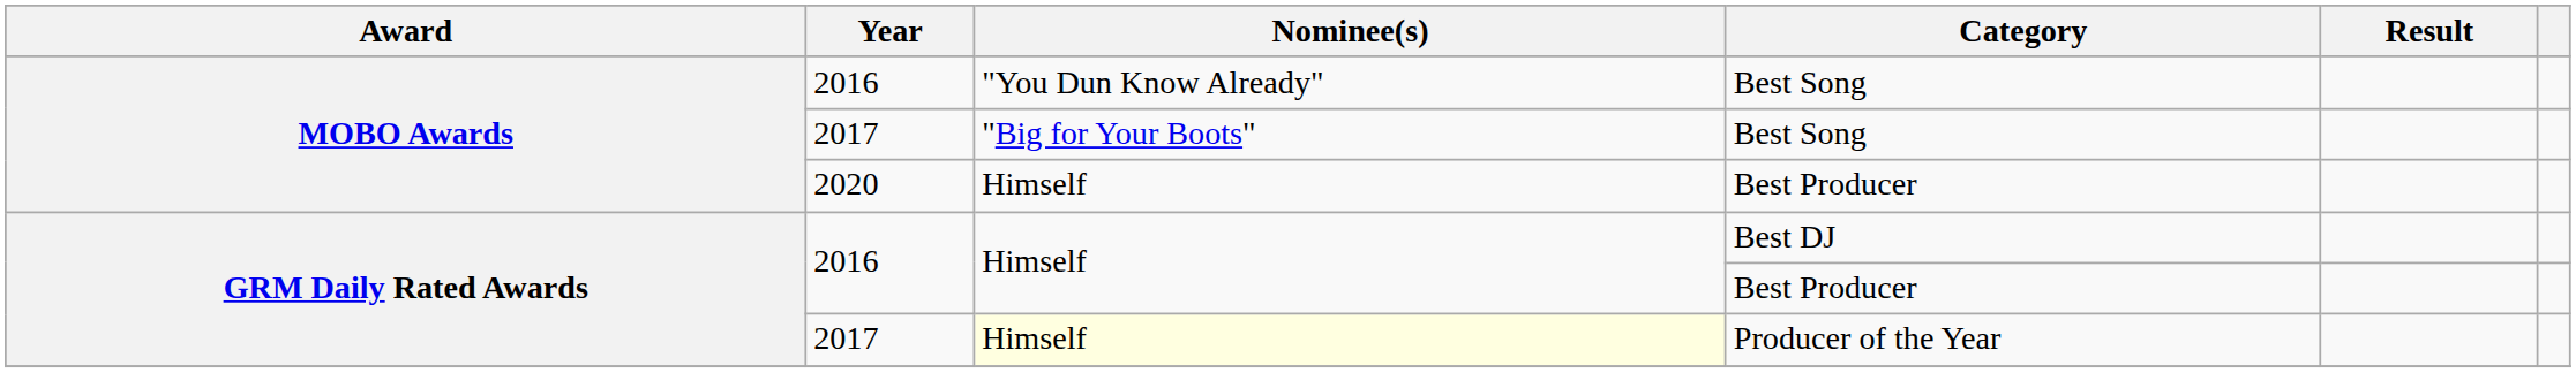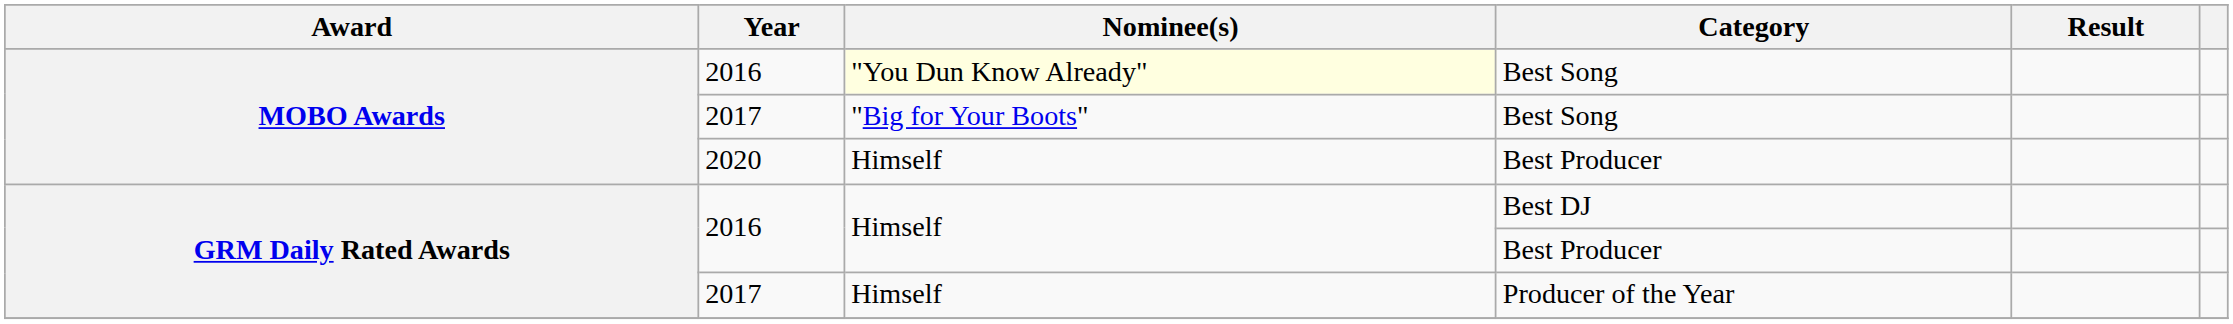 <table class="wikitable sortable plainrowheaders" style="width:100%">
 <tr>
 <th scope="col">Award</th>
 <th scope="col">Year</th>
 <th scope="col">Nominee(s)</th>
 <th scope="col">Category</th>
 <th scope="col">Result</th>
 <th scope="col" class="unsortable"></th>
 </tr>
 <tr>
 <th scope="row" rowspan=3><a href='#'>MOBO Awards</a></th>
 <td>2016</td>
-<td>"You Dun Know Already" </td>
+<td style="background: lightyellow;">"You Dun Know Already" </td>
 <td>Best Song</td>
 <td></td>
 <td></td>
 </tr>
 <tr>
 <td>2017</td>
 <td>"<a href='#'>Big for Your Boots</a>" </td>
 <td>Best Song</td>
 <td></td>
 <td></td>
 </tr>
 <tr>
 <td>2020</td>
 <td>Himself</td>
 <td>Best Producer</td>
 <td></td>
 <td></td>
 </tr>
 <tr>
 <th scope="row" rowspan=3><a href='#'>GRM Daily</a> Rated Awards</th>
 <td rowspan="2">2016</td>
 <td rowspan="2">Himself</td>
 <td>Best DJ</td>
 <td></td>
 <td></td>
 </tr>
 <tr>
 <td>Best Producer</td>
 <td></td>
 <td></td>
 </tr>
 <tr>
 <td>2017</td>
-<td style="background: lightyellow;">Himself</td>
+<td>Himself</td>
 <td>Producer of the Year</td>
 <td></td>
 <td></td>
 </tr>
 <tr>
 </tr>
 </table>
